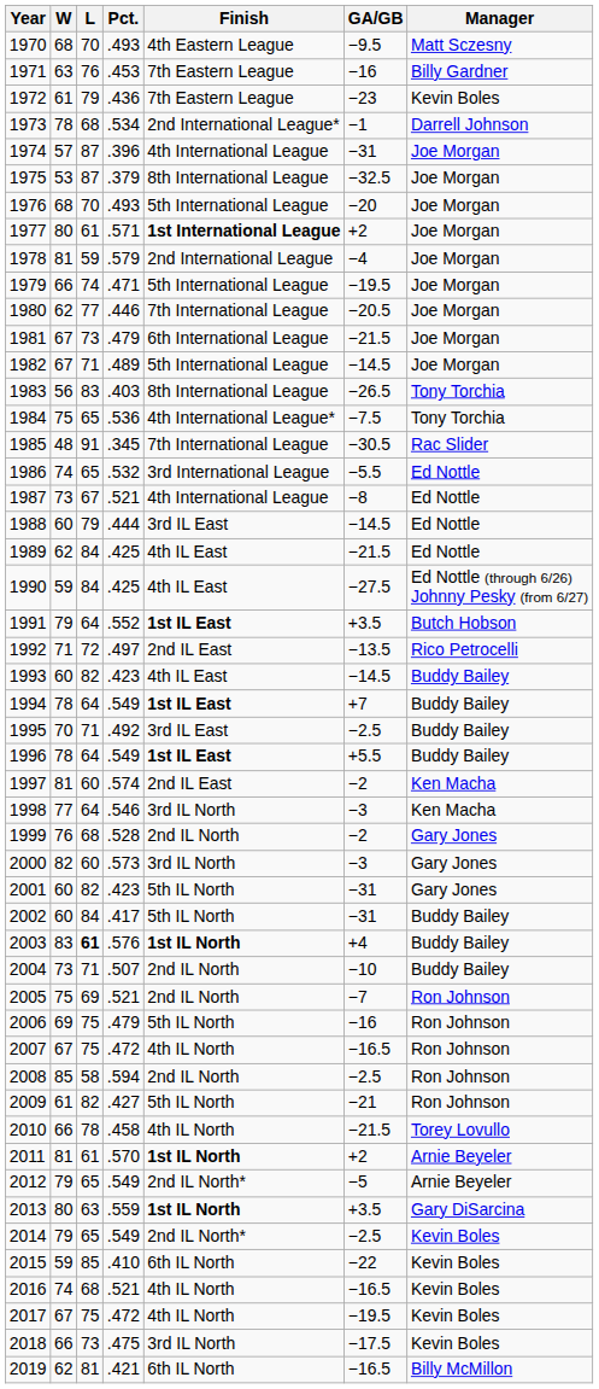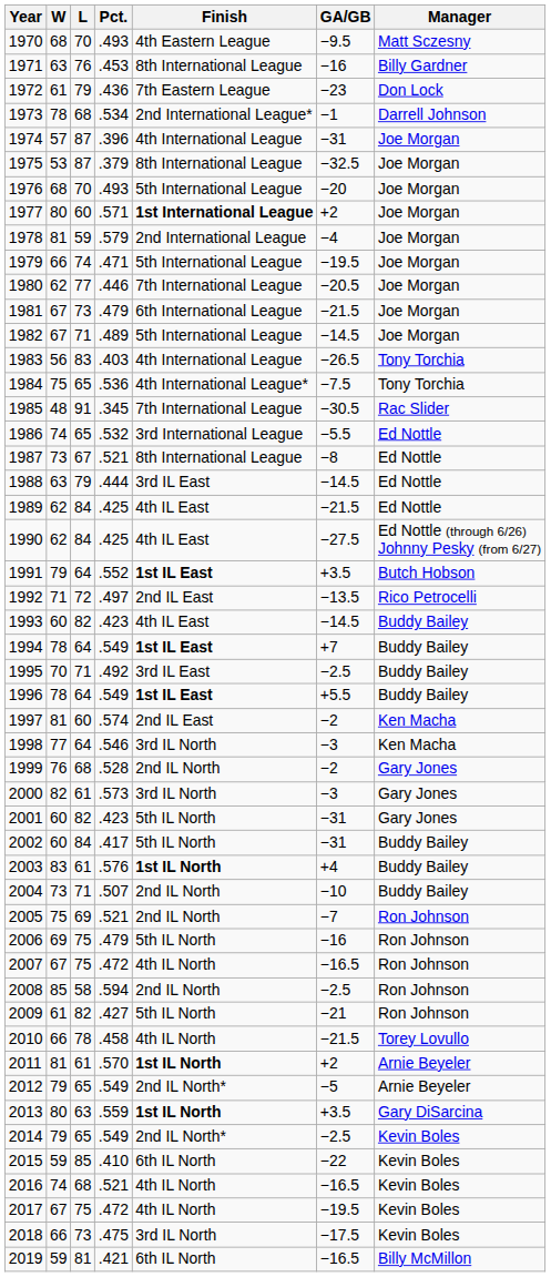 <table class="wikitable sortable">
 <tr>
 <th>Year</th>
 <th>W</th>
 <th>L</th>
 <th>Pct.</th>
 <th>Finish</th>
 <th>GA/GB</th>
 <th>Manager</th>
 </tr>
 <tr>
 <td>1970</td>
 <td>68</td>
 <td>70</td>
 <td>.493</td>
 <td>4th Eastern League</td>
 <td>−9.5</td>
 <td><a href='#'>Matt Sczesny</a></td>
 </tr>
 <tr>
 <td>1971</td>
 <td>63</td>
 <td>76</td>
 <td>.453</td>
-<td>7th Eastern League</td>
+<td>8th International League</td>
 <td>−16</td>
 <td><a href='#'>Billy Gardner</a></td>
 </tr>
 <tr>
 <td>1972</td>
 <td>61</td>
 <td>79</td>
 <td>.436</td>
 <td>7th Eastern League</td>
 <td>−23</td>
-<td>Kevin Boles</td>
+<td><a href='#'>Don Lock</a></td>
 </tr>
 <tr>
 <td>1973</td>
 <td>78</td>
 <td>68</td>
 <td>.534</td>
 <td>2nd International League*</td>
 <td>−1</td>
 <td><a href='#'>Darrell Johnson</a></td>
 </tr>
 <tr>
 <td>1974</td>
 <td>57</td>
 <td>87</td>
 <td>.396</td>
 <td>4th International League</td>
 <td>−31</td>
 <td><a href='#'>Joe Morgan</a></td>
 </tr>
 <tr>
 <td>1975</td>
 <td>53</td>
 <td>87</td>
 <td>.379</td>
 <td>8th International League</td>
 <td>−32.5</td>
 <td>Joe Morgan</td>
 </tr>
 <tr>
 <td>1976</td>
 <td>68</td>
 <td>70</td>
 <td>.493</td>
 <td>5th International League</td>
 <td>−20</td>
 <td>Joe Morgan</td>
 </tr>
 <tr>
 <td>1977</td>
 <td>80</td>
-<td>61</td>
+<td>60</td>
 <td>.571</td>
 <td><strong>1st International League</strong></td>
 <td>+2</td>
 <td>Joe Morgan</td>
 </tr>
 <tr>
 <td>1978</td>
 <td>81</td>
 <td>59</td>
 <td>.579</td>
 <td>2nd International League</td>
 <td>−4</td>
 <td>Joe Morgan</td>
 </tr>
 <tr>
 <td>1979</td>
 <td>66</td>
 <td>74</td>
 <td>.471</td>
 <td>5th International League</td>
 <td>−19.5</td>
 <td>Joe Morgan</td>
 </tr>
 <tr>
 <td>1980</td>
 <td>62</td>
 <td>77</td>
 <td>.446</td>
 <td>7th International League</td>
 <td>−20.5</td>
 <td>Joe Morgan</td>
 </tr>
 <tr>
 <td>1981</td>
 <td>67</td>
 <td>73</td>
 <td>.479</td>
 <td>6th International League</td>
 <td>−21.5</td>
 <td>Joe Morgan</td>
 </tr>
 <tr>
 <td>1982</td>
 <td>67</td>
 <td>71</td>
 <td>.489</td>
 <td>5th International League</td>
 <td>−14.5</td>
 <td>Joe Morgan</td>
 </tr>
 <tr>
 <td>1983</td>
 <td>56</td>
 <td>83</td>
 <td>.403</td>
-<td>8th International League</td>
+<td>4th International League</td>
 <td>−26.5</td>
 <td><a href='#'>Tony Torchia</a></td>
 </tr>
 <tr>
 <td>1984</td>
 <td>75</td>
 <td>65</td>
 <td>.536</td>
 <td>4th International League*</td>
 <td>−7.5</td>
 <td>Tony Torchia</td>
 </tr>
 <tr>
 <td>1985</td>
 <td>48</td>
 <td>91</td>
 <td>.345</td>
 <td>7th International League</td>
 <td>−30.5</td>
 <td><a href='#'>Rac Slider</a></td>
 </tr>
 <tr>
 <td>1986</td>
 <td>74</td>
 <td>65</td>
 <td>.532</td>
 <td>3rd International League</td>
 <td>−5.5</td>
 <td><a href='#'>Ed Nottle</a></td>
 </tr>
 <tr>
 <td>1987</td>
 <td>73</td>
 <td>67</td>
 <td>.521</td>
-<td>4th International League</td>
+<td>8th International League</td>
 <td>−8</td>
 <td>Ed Nottle</td>
 </tr>
 <tr>
 <td>1988</td>
-<td>60</td>
+<td>63</td>
 <td>79</td>
 <td>.444</td>
 <td>3rd IL East</td>
 <td>−14.5</td>
 <td>Ed Nottle</td>
 </tr>
 <tr>
 <td>1989</td>
 <td>62</td>
 <td>84</td>
 <td>.425</td>
 <td>4th IL East</td>
 <td>−21.5</td>
 <td>Ed Nottle</td>
 </tr>
 <tr>
 <td>1990</td>
-<td>59</td>
+<td>62</td>
 <td>84</td>
 <td>.425</td>
 <td>4th IL East</td>
 <td>−27.5</td>
 <td>Ed Nottle <small>(through 6/26)</small><br><a href='#'>Johnny Pesky</a> <small>(from 6/27)</small></td>
 </tr>
 <tr>
 <td>1991</td>
 <td>79</td>
 <td>64</td>
 <td>.552</td>
 <td><strong>1st IL East</strong></td>
 <td>+3.5</td>
 <td><a href='#'>Butch Hobson</a></td>
 </tr>
 <tr>
 <td>1992</td>
 <td>71</td>
 <td>72</td>
 <td>.497</td>
 <td>2nd IL East</td>
 <td>−13.5</td>
 <td><a href='#'>Rico Petrocelli</a></td>
 </tr>
 <tr>
 <td>1993</td>
 <td>60</td>
 <td>82</td>
 <td>.423</td>
 <td>4th IL East</td>
 <td>−14.5</td>
 <td><a href='#'>Buddy Bailey</a></td>
 </tr>
 <tr>
 <td>1994</td>
 <td>78</td>
 <td>64</td>
 <td>.549</td>
 <td><strong>1st IL East</strong></td>
 <td>+7</td>
 <td>Buddy Bailey</td>
 </tr>
 <tr>
 <td>1995</td>
 <td>70</td>
 <td>71</td>
 <td>.492</td>
 <td>3rd IL East</td>
 <td>−2.5</td>
 <td>Buddy Bailey</td>
 </tr>
 <tr>
 <td>1996</td>
 <td>78</td>
 <td>64</td>
 <td>.549</td>
 <td><strong>1st IL East</strong></td>
 <td>+5.5</td>
 <td>Buddy Bailey</td>
 </tr>
 <tr>
 <td>1997</td>
 <td>81</td>
 <td>60</td>
 <td>.574</td>
 <td>2nd IL East</td>
 <td>−2</td>
 <td><a href='#'>Ken Macha</a></td>
 </tr>
 <tr>
 <td>1998</td>
 <td>77</td>
 <td>64</td>
 <td>.546</td>
 <td>3rd IL North</td>
 <td>−3</td>
 <td>Ken Macha</td>
 </tr>
 <tr>
 <td>1999</td>
 <td>76</td>
 <td>68</td>
 <td>.528</td>
 <td>2nd IL North</td>
 <td>−2</td>
 <td><a href='#'>Gary Jones</a></td>
 </tr>
 <tr>
 <td>2000</td>
 <td>82</td>
-<td>60</td>
+<td>61</td>
 <td>.573</td>
 <td>3rd IL North</td>
 <td>−3</td>
 <td>Gary Jones</td>
 </tr>
 <tr>
 <td>2001</td>
 <td>60</td>
 <td>82</td>
 <td>.423</td>
 <td>5th IL North</td>
 <td>−31</td>
 <td>Gary Jones</td>
 </tr>
 <tr>
 <td>2002</td>
 <td>60</td>
 <td>84</td>
 <td>.417</td>
 <td>5th IL North</td>
 <td>−31</td>
 <td>Buddy Bailey</td>
 </tr>
 <tr>
 <td>2003</td>
 <td>83</td>
-<td><strong>61</strong></td>
+<td>61</td>
 <td>.576</td>
 <td><strong>1st IL North</strong></td>
 <td>+4</td>
 <td>Buddy Bailey</td>
 </tr>
 <tr>
 <td>2004</td>
 <td>73</td>
 <td>71</td>
 <td>.507</td>
 <td>2nd IL North</td>
 <td>−10</td>
 <td>Buddy Bailey</td>
 </tr>
 <tr>
 <td>2005</td>
 <td>75</td>
 <td>69</td>
 <td>.521</td>
 <td>2nd IL North</td>
 <td>−7</td>
 <td><a href='#'>Ron Johnson</a></td>
 </tr>
 <tr>
 <td>2006</td>
 <td>69</td>
 <td>75</td>
 <td>.479</td>
 <td>5th IL North</td>
 <td>−16</td>
 <td>Ron Johnson</td>
 </tr>
 <tr>
 <td>2007</td>
 <td>67</td>
 <td>75</td>
 <td>.472</td>
 <td>4th IL North</td>
 <td>−16.5</td>
 <td>Ron Johnson</td>
 </tr>
 <tr>
 <td>2008</td>
 <td>85</td>
 <td>58</td>
 <td>.594</td>
 <td>2nd IL North</td>
 <td>−2.5</td>
 <td>Ron Johnson</td>
 </tr>
 <tr>
 <td>2009</td>
 <td>61</td>
 <td>82</td>
 <td>.427</td>
 <td>5th IL North</td>
 <td>−21</td>
 <td>Ron Johnson</td>
 </tr>
 <tr>
 <td>2010</td>
 <td>66</td>
 <td>78</td>
 <td>.458</td>
 <td>4th IL North</td>
 <td>−21.5</td>
 <td><a href='#'>Torey Lovullo</a></td>
 </tr>
 <tr>
 <td>2011</td>
 <td>81</td>
 <td>61</td>
 <td>.570</td>
 <td><strong>1st IL North</strong></td>
 <td>+2</td>
 <td><a href='#'>Arnie Beyeler</a></td>
 </tr>
 <tr>
 <td>2012</td>
 <td>79</td>
 <td>65</td>
 <td>.549</td>
 <td>2nd IL North*</td>
 <td>−5</td>
 <td>Arnie Beyeler</td>
 </tr>
 <tr>
 <td>2013</td>
 <td>80</td>
 <td>63</td>
 <td>.559</td>
 <td><strong>1st IL North</strong></td>
 <td>+3.5</td>
 <td><a href='#'>Gary DiSarcina</a></td>
 </tr>
 <tr>
 <td>2014</td>
 <td>79</td>
 <td>65</td>
 <td>.549</td>
 <td>2nd IL North*</td>
 <td>−2.5</td>
 <td><a href='#'>Kevin Boles</a></td>
 </tr>
 <tr>
 <td>2015</td>
 <td>59</td>
 <td>85</td>
 <td>.410</td>
 <td>6th IL North</td>
 <td>−22</td>
 <td>Kevin Boles</td>
 </tr>
 <tr>
 <td>2016</td>
 <td>74</td>
 <td>68</td>
 <td>.521</td>
 <td>4th IL North</td>
 <td>−16.5</td>
 <td>Kevin Boles</td>
 </tr>
 <tr>
 <td>2017</td>
 <td>67</td>
 <td>75</td>
 <td>.472</td>
 <td>4th IL North</td>
 <td>−19.5</td>
 <td>Kevin Boles</td>
 </tr>
 <tr>
 <td>2018</td>
 <td>66</td>
 <td>73</td>
 <td>.475</td>
 <td>3rd IL North</td>
 <td>−17.5</td>
 <td>Kevin Boles</td>
 </tr>
 <tr>
 <td>2019</td>
-<td>62</td>
+<td>59</td>
 <td>81</td>
 <td>.421</td>
 <td>6th IL North</td>
 <td>−16.5</td>
 <td><a href='#'>Billy McMillon</a></td>
 </tr>
 </table>
